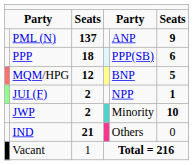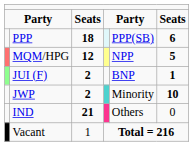 <table class ="wikitable floatright">
 <tr>
 <td colspan="6"></td>
 </tr>
 <tr>
 <td colspan=2 style="text-align: center"><strong>Party</strong></td>
 <td style="text-align: center"><strong>Seats</strong></td>
 <td colspan=2 style="text-align: center"><strong>Party</strong></td>
 <td style="text-align: center"><strong>Seats</strong></td>
-</tr>
-<tr>
-<td style="background-color: "></td>
-<td><a href='#'>PML (N)</a></td>
-<td style="text-align: center"><strong>137</strong></td>
-<td style="background-color: "></td>
-<td><a href='#'>ANP</a></td>
-<td style="text-align: center"><strong>9</strong></td>
 </tr>
 <tr>
 <td style="background-color: "></td>
 <td><a href='#'>PPP</a></td>
 <td style="text-align: center"><strong>18</strong></td>
 <td bgcolor="#E0F7FA"></td>
 <td><a href='#'>PPP(SB)</a></td>
 <td style="text-align: center"><strong>6</strong></td>
 </tr>
 <tr>
 <td bgcolor="#ff7070"></td>
 <td><a href='#'>MQM</a>/HPG</td>
 <td style="text-align: center"><strong>12</strong></td>
 <td bgcolor="#ffff8f"></td>
-<td><a href='#'>BNP</a></td>
+<td><a href='#'>NPP</a></td>
 <td style="text-align: center"><strong>5</strong></td>
 </tr>
 <tr>
 <td bgcolor="#8fff8f"></td>
 <td><a href='#'>JUI (F)</a></td>
 <td style="text-align: center"><strong>2</strong></td>
 <td bstyle="background-color: "></td>
-<td><a href='#'>NPP</a></td>
+<td><a href='#'>BNP</a></td>
 <td style="text-align: center"><strong>1</strong></td>
 </tr>
 <tr>
 <td style="background-color: "></td>
 <td><a href='#'>JWP</a></td>
 <td style="text-align: center"><strong>2</strong></td>
 <td bgcolor="#4dd2ce"></td>
 <td>Minority</td>
 <td style="text-align: center"><strong>10</strong></td>
 </tr>
 <tr>
 <td style="background-color: "></td>
 <td><a href='#'>IND</a></td>
 <td style="text-align: center"><strong>21</strong></td>
 <td bgcolor="#fc3590"></td>
 <td>Others</td>
 <td style="text-align: center">0</td>
 </tr>
 <tr>
 <td bgcolor="#000000"></td>
 <td>Vacant</td>
 <td style="text-align: center">1</td>
 <td colspan="3" style="text-align: center"><strong>Total = 216</strong></td>
 </tr>
 </table>
